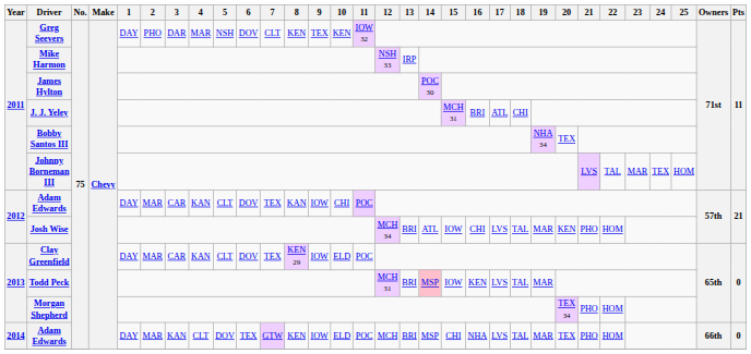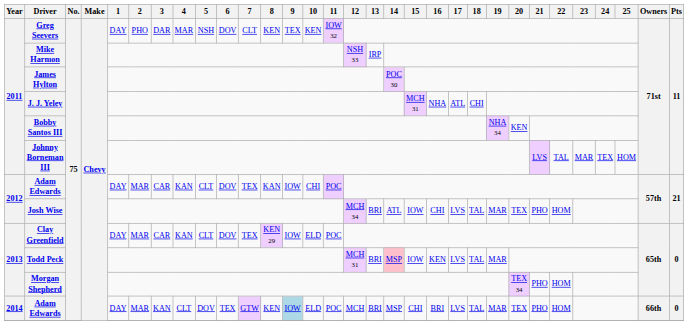 <table class="wikitable" style="text-align:center; font-size:75%">
 <tr>
 <th>Year</th>
 <th>Driver</th>
 <th>No.</th>
 <th>Make</th>
 <th>1</th>
 <th>2</th>
 <th>3</th>
 <th>4</th>
 <th>5</th>
 <th>6</th>
 <th>7</th>
 <th>8</th>
 <th>9</th>
 <th>10</th>
 <th>11</th>
 <th>12</th>
 <th>13</th>
 <th>14</th>
 <th>15</th>
 <th>16</th>
 <th>17</th>
 <th>18</th>
 <th>19</th>
 <th>20</th>
 <th>21</th>
 <th>22</th>
 <th>23</th>
 <th>24</th>
 <th>25</th>
 <th>Owners</th>
 <th>Pts</th>
 </tr>
 <tr>
 <th rowspan=6><a href='#'>2011</a></th>
 <th><a href='#'>Greg Seevers</a></th>
 <th rowspan=12>75</th>
 <th rowspan=16><a href='#'>Chevy</a></th>
 <td><a href='#'>DAY</a></td>
 <td><a href='#'>PHO</a></td>
 <td><a href='#'>DAR</a></td>
 <td><a href='#'>MAR</a></td>
 <td><a href='#'>NSH</a></td>
 <td><a href='#'>DOV</a></td>
 <td><a href='#'>CLT</a></td>
 <td><a href='#'>KEN</a></td>
 <td><a href='#'>TEX</a></td>
 <td><a href='#'>KEN</a></td>
 <td style="background:#EFCFFF;"><a href='#'>IOW</a> <br><small>32</small></td>
 <td colspan=14></td>
 <th rowspan=6>71st</th>
 <th rowspan=6>11</th>
 </tr>
 <tr>
 <th><a href='#'>Mike Harmon</a></th>
 <td colspan=11></td>
 <td style="background:#EFCFFF;"><a href='#'>NSH</a><br><small>33</small></td>
 <td><a href='#'>IRP</a></td>
 <td colspan=12></td>
 </tr>
 <tr>
 <th><a href='#'>James Hylton</a></th>
 <td colspan=13></td>
 <td style="background:#EFCFFF;"><a href='#'>POC</a><br><small>30</small></td>
 <td colspan=11></td>
 </tr>
 <tr>
 <th><a href='#'>J. J. Yeley</a></th>
 <td colspan=14></td>
 <td style="background:#EFCFFF;"><a href='#'>MCH</a><br><small>31</small></td>
-<td><a href='#'>BRI</a></td>
+<td><a href='#'>NHA</a></td>
 <td><a href='#'>ATL</a></td>
 <td><a href='#'>CHI</a></td>
 <td colspan=7></td>
 </tr>
 <tr>
 <th><a href='#'>Bobby Santos III</a></th>
 <td colspan=18></td>
 <td style="background:#EFCFFF;"><a href='#'>NHA</a><br><small>34</small></td>
-<td><a href='#'>TEX</a></td>
+<td><a href='#'>KEN</a></td>
 <td colspan=5></td>
 </tr>
 <tr>
 <th><a href='#'>Johnny Borneman III</a></th>
 <td colspan=20></td>
 <td style="background:#EFCFFF;"><a href='#'>LVS</a><br></td>
 <td><a href='#'>TAL</a></td>
 <td><a href='#'>MAR</a></td>
 <td><a href='#'>TEX</a></td>
 <td><a href='#'>HOM</a></td>
 </tr>
 <tr>
 <th rowspan=2><a href='#'>2012</a></th>
 <th><a href='#'>Adam Edwards</a></th>
 <td><a href='#'>DAY</a></td>
 <td><a href='#'>MAR</a></td>
 <td><a href='#'>CAR</a></td>
 <td><a href='#'>KAN</a></td>
 <td><a href='#'>CLT</a></td>
 <td><a href='#'>DOV</a></td>
 <td><a href='#'>TEX</a></td>
 <td><a href='#'>KAN</a></td>
 <td><a href='#'>IOW</a></td>
 <td><a href='#'>CHI</a></td>
 <td style="background:#EFCFFF;"><a href='#'>POC</a><br></td>
 <td colspan=14></td>
 <th rowspan=2>57th</th>
 <th rowspan=2>21</th>
 </tr>
 <tr>
 <th><a href='#'>Josh Wise</a></th>
 <td colspan=11></td>
 <td style="background:#EFCFFF;"><a href='#'>MCH</a><br><small>34</small></td>
 <td><a href='#'>BRI</a></td>
 <td><a href='#'>ATL</a></td>
 <td><a href='#'>IOW</a></td>
 <td><a href='#'>CHI</a></td>
 <td><a href='#'>LVS</a></td>
 <td><a href='#'>TAL</a></td>
 <td><a href='#'>MAR</a></td>
-<td><a href='#'>KEN</a></td>
+<td><a href='#'>TEX</a></td>
 <td><a href='#'>PHO</a></td>
 <td><a href='#'>HOM</a></td>
 <td colspan=3></td>
 </tr>
 <tr>
 <th rowspan=3><a href='#'>2013</a></th>
 <th><a href='#'>Clay Greenfield</a></th>
 <td><a href='#'>DAY</a></td>
 <td><a href='#'>MAR</a></td>
 <td><a href='#'>CAR</a></td>
 <td><a href='#'>KAN</a></td>
 <td><a href='#'>CLT</a></td>
 <td><a href='#'>DOV</a></td>
 <td><a href='#'>TEX</a></td>
 <td style="background:#EFCFFF;"><a href='#'>KEN</a><br><small>29</small></td>
 <td><a href='#'>IOW</a></td>
 <td><a href='#'>ELD</a></td>
 <td><a href='#'>POC</a></td>
 <td colspan=14></td>
 <th rowspan=3>65th</th>
 <th rowspan=3>0</th>
 </tr>
 <tr>
 <th><a href='#'>Todd Peck</a></th>
 <td colspan=11></td>
 <td style="background:#EFCFFF;"><a href='#'>MCH</a><br><small>31</small></td>
 <td><a href='#'>BRI</a></td>
 <td style="background: pink;"><a href='#'>MSP</a></td>
 <td><a href='#'>IOW</a></td>
 <td><a href='#'>KEN</a></td>
 <td><a href='#'>LVS</a></td>
 <td><a href='#'>TAL</a></td>
 <td><a href='#'>MAR</a></td>
 <td colspan=6></td>
 </tr>
 <tr>
 <th><a href='#'>Morgan Shepherd</a></th>
 <td colspan=19></td>
 <td style="background:#EFCFFF;"><a href='#'>TEX</a><br><small>34</small></td>
 <td><a href='#'>PHO</a></td>
 <td><a href='#'>HOM</a></td>
 <td colspan=3></td>
 </tr>
 <tr>
 <th><a href='#'>2014</a></th>
 <th><a href='#'>Adam Edwards</a></th>
 <td><a href='#'>DAY</a></td>
 <td><a href='#'>MAR</a></td>
 <td><a href='#'>KAN</a></td>
 <td><a href='#'>CLT</a></td>
 <td><a href='#'>DOV</a></td>
 <td><a href='#'>TEX</a></td>
 <td style="background:#EFCFFF;"><a href='#'>GTW</a><br></td>
 <td><a href='#'>KEN</a></td>
-<td><a href='#'>IOW</a></td>
+<td style="background: lightblue;"><a href='#'>IOW</a></td>
 <td><a href='#'>ELD</a></td>
 <td><a href='#'>POC</a></td>
 <td><a href='#'>MCH</a></td>
 <td><a href='#'>BRI</a></td>
 <td><a href='#'>MSP</a></td>
 <td><a href='#'>CHI</a></td>
-<td><a href='#'>NHA</a></td>
+<td><a href='#'>BRI</a></td>
 <td><a href='#'>LVS</a></td>
 <td><a href='#'>TAL</a></td>
 <td><a href='#'>MAR</a></td>
 <td><a href='#'>TEX</a></td>
 <td><a href='#'>PHO</a></td>
 <td><a href='#'>HOM</a></td>
 <td colspan=3></td>
 <th>66th</th>
 <th>0</th>
 </tr>
 <tr>
 </tr>
 </table>
